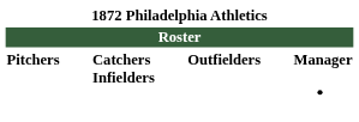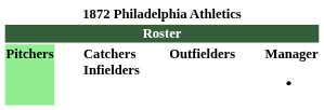 <table class="toccolours" style="font-size: 95%;">
 <tr>
 <th colspan="10" style="background-color: white; text-align: center;">1872 Philadelphia Athletics</th>
 </tr>
 <tr>
 <td colspan="10" style="background-color: #355E3B; color: white; text-align: center;"><strong>Roster</strong></td>
 </tr>
 <tr>
-<td valign="top"><strong>Pitchers</strong><br></td>
+<td valign="top" style="background: lightgreen;"><strong>Pitchers</strong><br></td>
 <td width="25px"></td>
 <td valign="top"><strong>Catchers</strong><br> <strong>Infielders</strong>      </td>
 <td width="25px"></td>
 <td valign="top"><strong>Outfielders</strong><br>   </td>
 <td width="25px"></td>
 <td valign="top"><strong>Manager</strong><br><ul><li></li></ul></td>
 </tr>
 <tr>
 </tr>
 </table>
